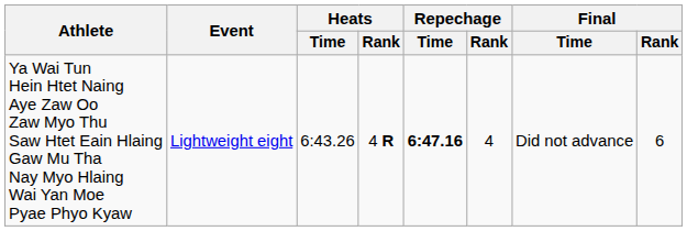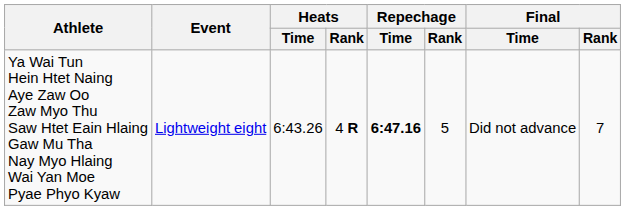 <table class=wikitable style=font-size:90%;text-align:center>
 <tr>
 <th rowspan=2>Athlete</th>
 <th rowspan=2>Event</th>
 <th colspan=2>Heats</th>
 <th colspan=2>Repechage</th>
 <th colspan=2>Final</th>
 </tr>
 <tr style="font-size:95%">
 <th>Time</th>
 <th>Rank</th>
 <th>Time</th>
 <th>Rank</th>
 <th>Time</th>
 <th>Rank</th>
 </tr>
 <tr>
 <td align=left>Ya Wai Tun<br>Hein Htet Naing<br>Aye Zaw Oo<br>Zaw Myo Thu<br>Saw Htet Eain Hlaing<br>Gaw Mu Tha<br>Nay Myo Hlaing<br>Wai Yan Moe<br>Pyae Phyo Kyaw</td>
 <td align=left><a href='#'>Lightweight eight</a></td>
 <td>6:43.26</td>
 <td>4 <strong>R</strong></td>
 <td><strong>6:47.16</strong></td>
-<td>4</td>
+<td>5</td>
 <td>Did not advance</td>
-<td>6</td>
+<td>7</td>
 </tr>
 </table>
